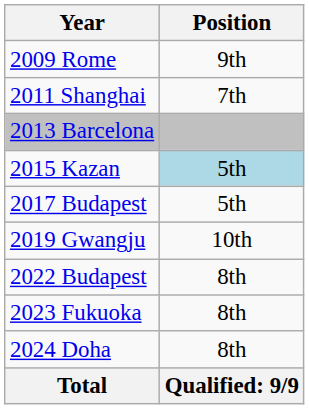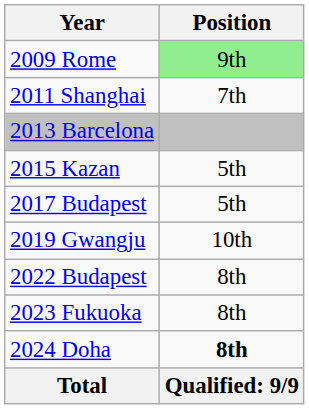 <table class="wikitable" style="text-align: center;">
 <tr>
 <th>Year</th>
 <th>Position</th>
 </tr>
 <tr>
 <td align=left> <a href='#'>2009 Rome</a></td>
-<td>9th</td>
+<td style="background: lightgreen;">9th</td>
 </tr>
 <tr>
 <td align=left> <a href='#'>2011 Shanghai</a></td>
 <td>7th</td>
 </tr>
 <tr bgcolor=silver>
 <td align=left> <a href='#'>2013 Barcelona</a></td>
 <td></td>
 </tr>
 <tr>
 <td align=left> <a href='#'>2015 Kazan</a></td>
-<td style="background: lightblue;">5th</td>
+<td>5th</td>
 </tr>
 <tr>
 <td align=left> <a href='#'>2017 Budapest</a></td>
 <td>5th</td>
 </tr>
 <tr>
 <td align=left> <a href='#'>2019 Gwangju</a></td>
 <td>10th</td>
 </tr>
 <tr>
 <td align=left> <a href='#'>2022 Budapest</a></td>
 <td>8th</td>
 </tr>
 <tr>
 <td align=left> <a href='#'>2023 Fukuoka</a></td>
 <td>8th</td>
 </tr>
 <tr>
 <td align=left> <a href='#'>2024 Doha</a></td>
-<td>8th</td>
+<td><strong>8th</strong></td>
 </tr>
 <tr>
 <th>Total</th>
 <th>Qualified: 9/9</th>
 </tr>
 </table>
